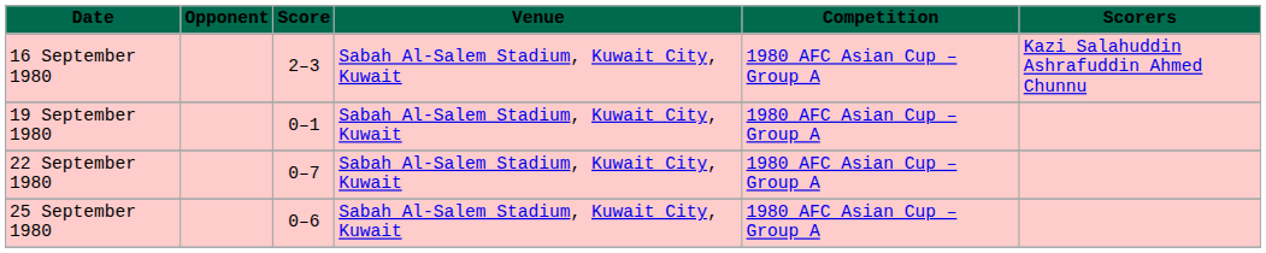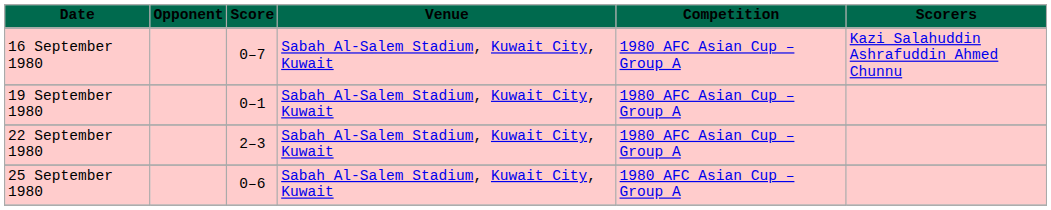 <table class="wikitable" width=100% style="text-align:left;font-size:95%;">
 <tr>
 <th style="background:#006a4e;"><span>Date</span></th>
 <th style="background:#006a4e;"><span>Opponent</span></th>
 <th style="background:#006a4e;"><span>Score</span></th>
 <th style="background:#006a4e;"><span>Venue</span></th>
 <th style="background:#006a4e;"><span>Competition</span></th>
 <th style="background:#006a4e;"><span>Scorers</span></th>
 </tr>
 <tr>
 </tr>
 <tr style="background:#fcc;">
 <td>16 September 1980</td>
 <td></td>
-<td style="text-align: center">2–3</td>
+<td style="text-align: center">0–7</td>
 <td> <a href='#'>Sabah Al-Salem Stadium</a>, <a href='#'>Kuwait City</a>, <a href='#'>Kuwait</a></td>
 <td><a href='#'>1980 AFC Asian Cup – Group A</a></td>
 <td><a href='#'>Kazi Salahuddin</a> <br><a href='#'>Ashrafuddin Ahmed Chunnu</a> </td>
 </tr>
 <tr>
 </tr>
 <tr style="background:#fcc;">
 <td>19 September 1980</td>
 <td></td>
 <td style="text-align: center">0–1</td>
 <td> <a href='#'>Sabah Al-Salem Stadium</a>, <a href='#'>Kuwait City</a>, <a href='#'>Kuwait</a></td>
 <td><a href='#'>1980 AFC Asian Cup – Group A</a></td>
 <td></td>
 </tr>
 <tr>
 </tr>
 <tr style="background:#fcc;">
 <td>22 September 1980</td>
 <td></td>
-<td style="text-align: center">0–7</td>
+<td style="text-align: center">2–3</td>
 <td> <a href='#'>Sabah Al-Salem Stadium</a>, <a href='#'>Kuwait City</a>, <a href='#'>Kuwait</a></td>
 <td><a href='#'>1980 AFC Asian Cup – Group A</a></td>
 <td></td>
 </tr>
 <tr>
 </tr>
 <tr style="background:#fcc;">
 <td>25 September 1980</td>
 <td></td>
 <td style="text-align: center">0–6</td>
 <td> <a href='#'>Sabah Al-Salem Stadium</a>, <a href='#'>Kuwait City</a>, <a href='#'>Kuwait</a></td>
 <td><a href='#'>1980 AFC Asian Cup – Group A</a></td>
 <td></td>
 </tr>
 <tr>
 </tr>
 </table>
